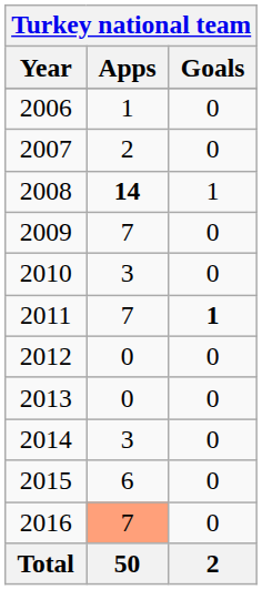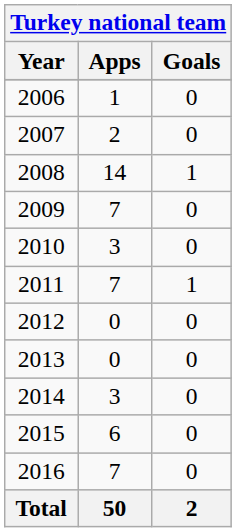 <table class="wikitable" style="text-align:center">
 <tr>
 <th colspan=3><a href='#'>Turkey national team</a></th>
 </tr>
 <tr>
 <th>Year</th>
 <th>Apps</th>
 <th>Goals</th>
 </tr>
 <tr>
 </tr>
 <tr>
 <td>2006</td>
 <td>1</td>
 <td>0</td>
 </tr>
 <tr>
 <td>2007</td>
 <td>2</td>
 <td>0</td>
 </tr>
 <tr>
 <td>2008</td>
-<td><strong>14</strong></td>
+<td>14</td>
 <td>1</td>
 </tr>
 <tr>
 <td>2009</td>
 <td>7</td>
 <td>0</td>
 </tr>
 <tr>
 <td>2010</td>
 <td>3</td>
 <td>0</td>
 </tr>
 <tr>
 <td>2011</td>
 <td>7</td>
-<td><strong>1</strong></td>
+<td>1</td>
 </tr>
 <tr>
 <td>2012</td>
 <td>0</td>
 <td>0</td>
 </tr>
 <tr>
 <td>2013</td>
 <td>0</td>
 <td>0</td>
 </tr>
 <tr>
 <td>2014</td>
 <td>3</td>
 <td>0</td>
 </tr>
 <tr>
 <td>2015</td>
 <td>6</td>
 <td>0</td>
 </tr>
 <tr>
 <td>2016</td>
-<td style="background: lightsalmon;">7</td>
+<td>7</td>
 <td>0</td>
 </tr>
 <tr>
 <th>Total</th>
 <th>50</th>
 <th>2</th>
 </tr>
 </table>
